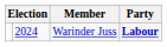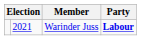 <table class="wikitable">
 <tr>
 <th colspan="2">Election</th>
 <th>Member</th>
 <th>Party</th>
 </tr>
 <tr>
 <td style="color:inherit;background-color: "></td>
-<td><a href='#'>2024</a></td>
+<td><a href='#'>2021</a></td>
 <td><a href='#'>Warinder Juss</a></td>
 <td><strong><a href='#'>Labour</a></strong></td>
 </tr>
 </table>
